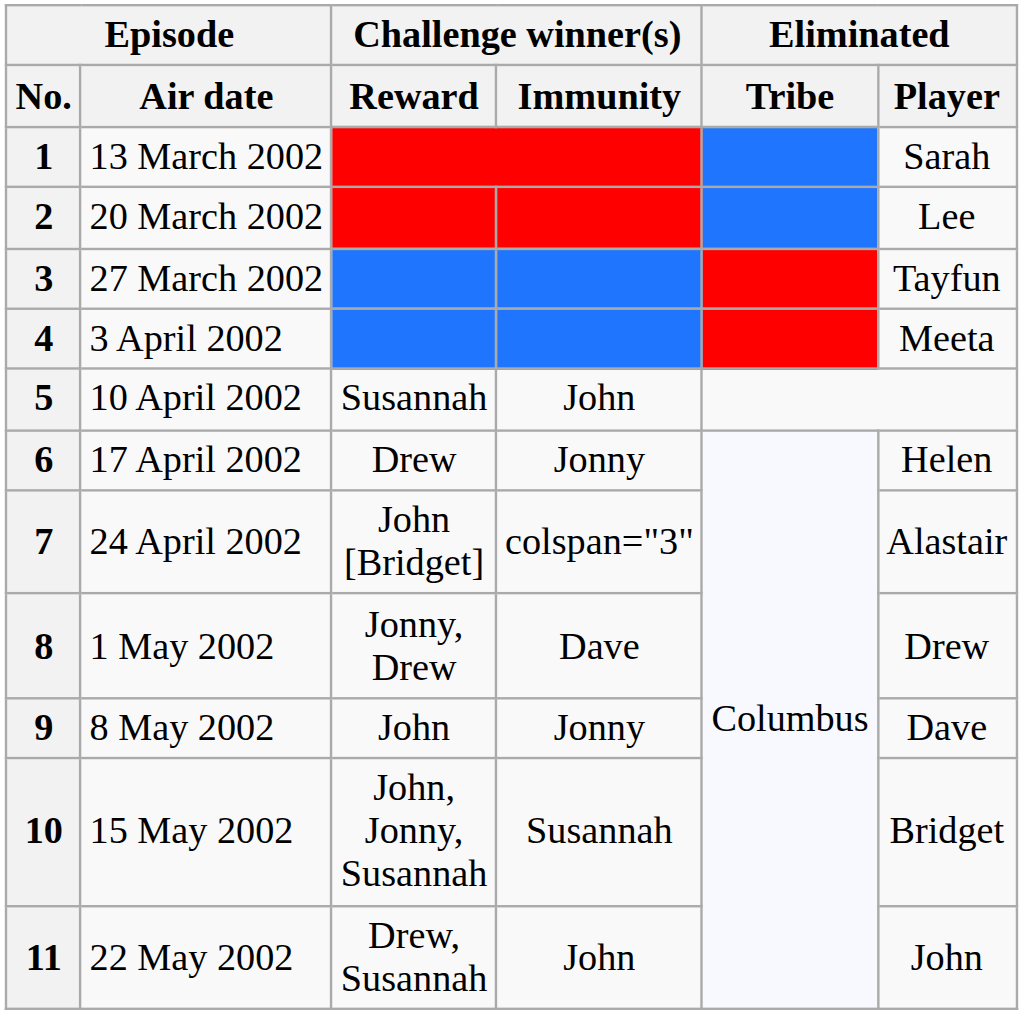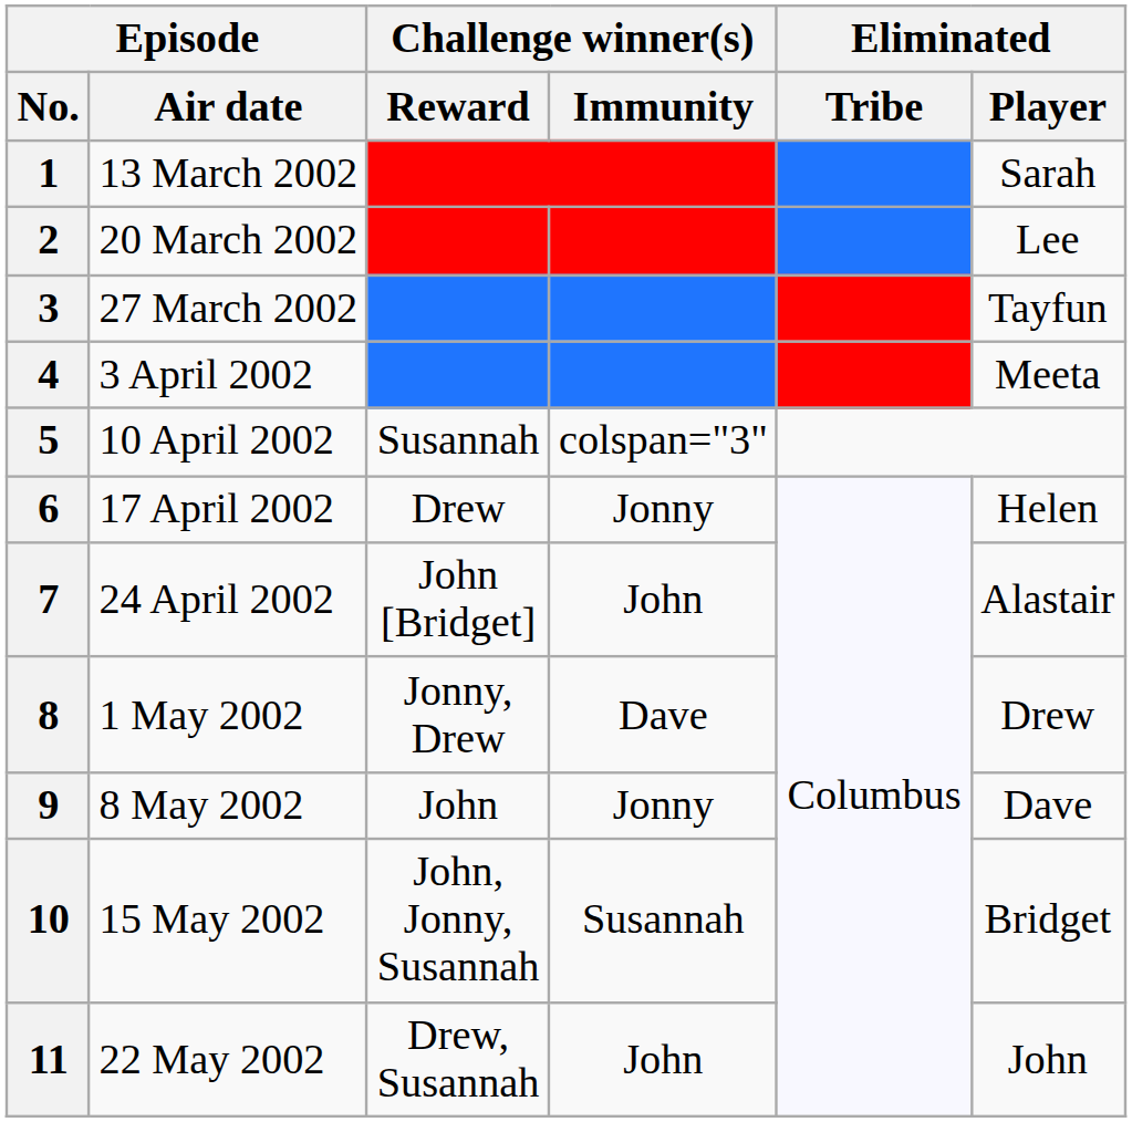 <table class="wikitable nowrap" style="margin:auto; text-align:center">
 <tr>
 <th colspan="2">Episode</th>
 <th colspan="2">Challenge winner(s)</th>
 <th colspan="2">Eliminated</th>
 </tr>
 <tr>
 <th>No.</th>
 <th>Air date</th>
 <th>Reward</th>
 <th>Immunity</th>
 <th>Tribe</th>
 <th>Player</th>
 </tr>
 <tr>
 <th>1</th>
 <td align="left">13 March 2002</td>
 <td colspan="2" bgcolor=#ff0000></td>
 <td bgcolor=#1f75fe></td>
 <td>Sarah</td>
 </tr>
 <tr>
 <th>2</th>
 <td align="left">20 March 2002</td>
 <td bgcolor=#ff0000></td>
 <td bgcolor=#ff0000></td>
 <td bgcolor=#1F75FE></td>
 <td>Lee</td>
 </tr>
 <tr>
 <th>3</th>
 <td align="left">27 March 2002</td>
 <td bgcolor=#1F75FE></td>
 <td bgcolor=#1F75FE></td>
 <td bgcolor=#ff0000></td>
 <td>Tayfun</td>
 </tr>
 <tr>
 <th>4</th>
 <td align="left">3 April 2002</td>
 <td bgcolor=#1F75FE></td>
 <td bgcolor=#1F75FE></td>
 <td bgcolor=#ff0000></td>
 <td>Meeta</td>
 </tr>
 <tr>
 <th>5</th>
 <td align="left">10 April 2002</td>
 <td>Susannah</td>
-<td>John</td>
+<td>colspan="3" </td>
 </tr>
 <tr>
 <th>6</th>
 <td align="left">17 April 2002</td>
 <td>Drew</td>
 <td>Jonny</td>
 <td rowspan="6" bgcolor=#F8F8FF>Columbus</td>
 <td>Helen</td>
 </tr>
 <tr>
 <th>7</th>
 <td align="left">24 April 2002</td>
 <td>John<br>[Bridget]</td>
-<td>colspan="3" </td>
+<td>John</td>
 <td>Alastair</td>
 </tr>
 <tr>
 <th>8</th>
 <td align="left">1 May 2002</td>
 <td>Jonny,<br>Drew</td>
 <td>Dave</td>
 <td>Drew</td>
 </tr>
 <tr>
 <th>9</th>
 <td align="left">8 May 2002</td>
 <td>John</td>
 <td>Jonny</td>
 <td>Dave</td>
 </tr>
 <tr>
 <th>10</th>
 <td align="left">15 May 2002</td>
 <td>John,<br>Jonny,<br>Susannah</td>
 <td>Susannah</td>
 <td>Bridget</td>
 </tr>
 <tr>
 <th>11</th>
 <td align="left">22 May 2002</td>
 <td>Drew,<br>Susannah</td>
 <td>John</td>
 <td>John</td>
 </tr>
 <tr>
 </tr>
 </table>
